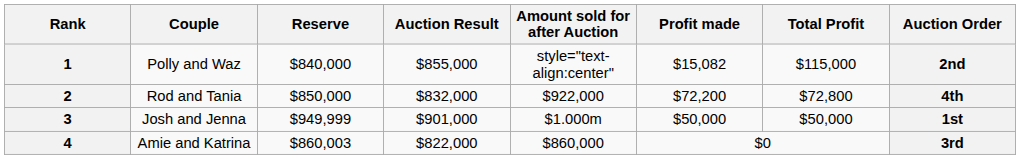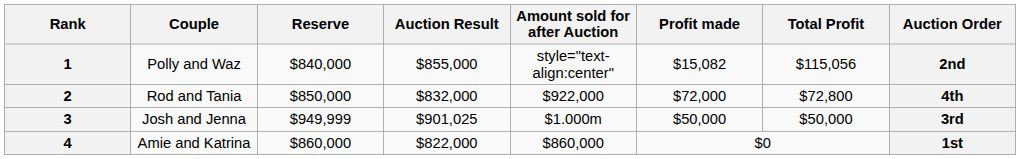 <table class="wikitable sortable" style="text-align:center">
 <tr>
 <th style="width:130px;">Rank</th>
 <th style="width:130px;">Couple</th>
 <th style="width:130px;">Reserve</th>
 <th style="width:130px;">Auction Result</th>
 <th style="width:130px;">Amount sold for after Auction</th>
 <th style="width:130px;">Profit made</th>
 <th style="width:130px;">Total Profit</th>
 <th style="width:130px;">Auction Order</th>
 </tr>
 <tr style="text-align:center">
 <th>1</th>
 <td style="text-align:center">Polly and Waz</td>
 <td style="text-align:center">$840,000</td>
 <td style="text-align:center">$855,000</td>
 <td>style="text-align:center" </td>
 <td style="text-align:center">$15,082</td>
-<td>$115,000</td>
+<td>$115,056</td>
 <th style="text-align:center">2nd</th>
 </tr>
 <tr style="text-align:center">
 <th>2</th>
 <td style="text-align:center">Rod and Tania</td>
 <td style="text-align:center">$850,000</td>
 <td style="text-align:center">$832,000</td>
 <td style="text-align:center">$922,000</td>
-<td style="text-align:center">$72,200</td>
+<td style="text-align:center">$72,000</td>
 <td>$72,800</td>
 <th style="text-align:center">4th</th>
 </tr>
 <tr style="text-align:center">
 <th>3</th>
 <td style="text-align:center">Josh and Jenna</td>
 <td style="text-align:center">$949,999</td>
-<td style="text-align:center">$901,000</td>
+<td style="text-align:center">$901,025</td>
 <td style="text-align:center">$1.000m</td>
 <td style="text-align:center">$50,000</td>
 <td>$50,000</td>
-<th style="text-align:center">1st</th>
+<th style="text-align:center">3rd</th>
 </tr>
 <tr style="text-align:center">
 <th>4</th>
 <td style="text-align:center">Amie and Katrina</td>
-<td style="text-align:center">$860,003</td>
+<td style="text-align:center">$860,000</td>
 <td style="text-align:center">$822,000</td>
 <td style="text-align:center">$860,000</td>
 <td style="text-align:center" colspan="2">$0</td>
-<th style="text-align:center">3rd</th>
+<th style="text-align:center">1st</th>
 </tr>
 </table>
